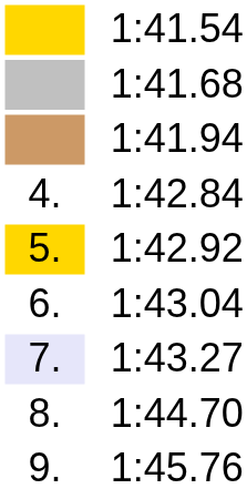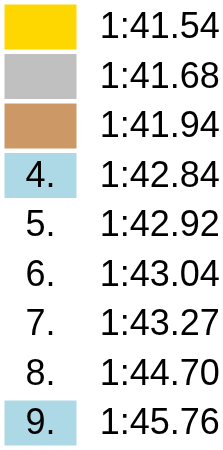 <table style="text-align:center">
 <tr>
 <td width=30 bgcolor=gold></td>
 <td align=left></td>
 <td width=60>1:41.54</td>
 </tr>
 <tr>
 <td bgcolor=silver></td>
 <td align=left></td>
 <td>1:41.68</td>
 </tr>
 <tr>
 <td bgcolor=cc9966></td>
 <td align=left></td>
 <td>1:41.94</td>
 </tr>
 <tr>
-<td>4.</td>
+<td style="background: lightblue;">4.</td>
 <td align=left></td>
 <td>1:42.84</td>
 </tr>
 <tr>
-<td style="background: gold;">5.</td>
+<td>5.</td>
 <td align=left></td>
 <td>1:42.92</td>
 </tr>
 <tr>
 <td>6.</td>
 <td align=left></td>
 <td>1:43.04</td>
 </tr>
 <tr>
-<td style="background: lavender;">7.</td>
+<td>7.</td>
 <td align=left></td>
 <td>1:43.27</td>
 </tr>
 <tr>
 <td>8.</td>
 <td align=left></td>
 <td>1:44.70</td>
 </tr>
 <tr>
-<td>9.</td>
+<td style="background: lightblue;">9.</td>
 <td align=left></td>
 <td>1:45.76</td>
 </tr>
 </table>
